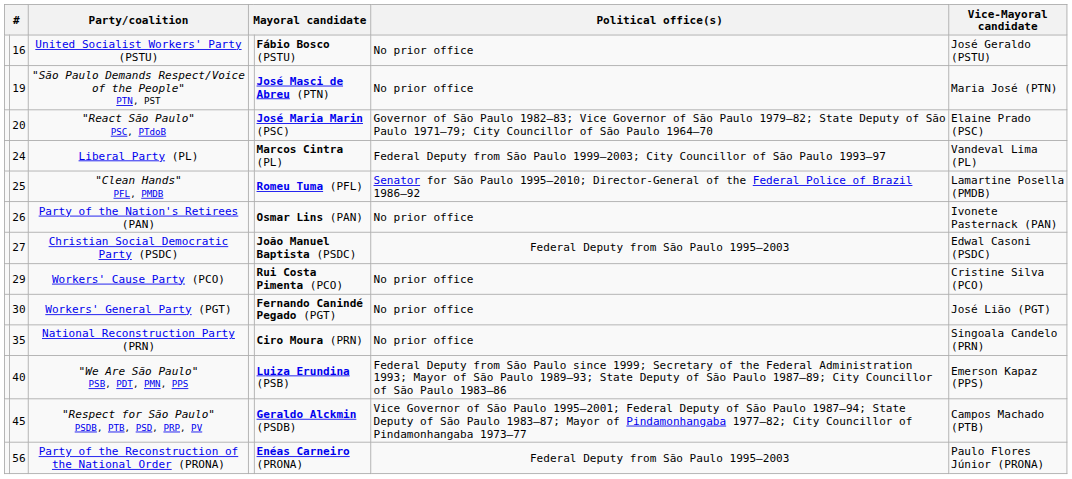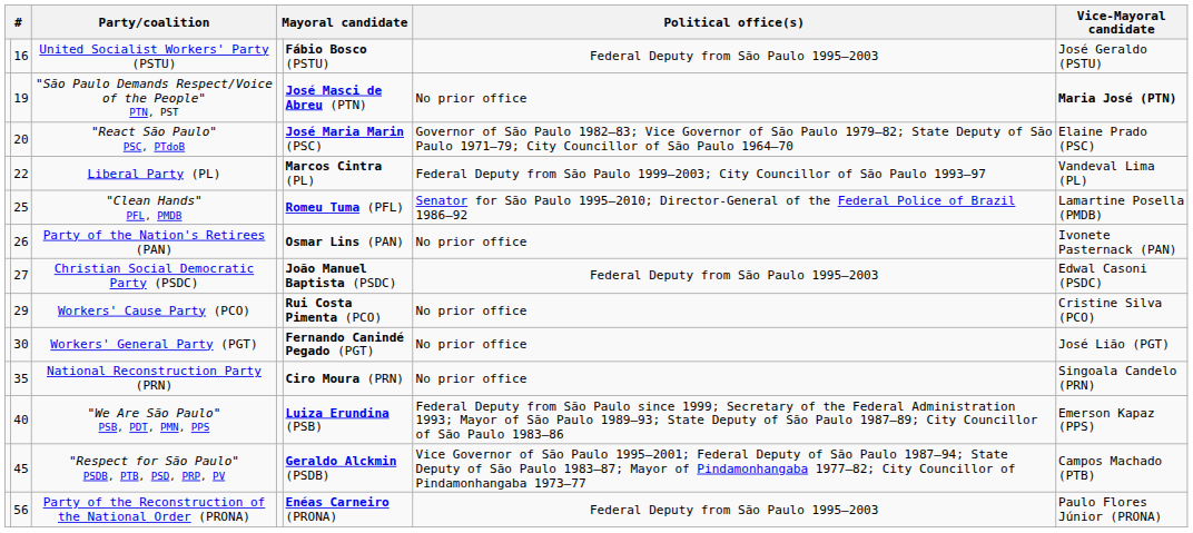 <table class="wikitable">
 <tr>
 <th colspan=2>#</th>
 <th>Party/coalition</th>
 <th colspan=2>Mayoral candidate</th>
 <th>Political office(s)</th>
 <th>Vice-Mayoral candidate</th>
 </tr>
 <tr>
 <td style="background:"></td>
 <td>16</td>
 <td style="text-align:center;"><a href='#'>United Socialist Workers' Party</a> (PSTU)</td>
 <td></td>
 <td><strong>Fábio Bosco</strong> (PSTU)</td>
-<td>No prior office</td>
+<td style="text-align:center;">Federal Deputy from São Paulo 1995–2003</td>
 <td>José Geraldo (PSTU)</td>
 </tr>
 <tr>
 <td style="background:"></td>
 <td>19</td>
 <td style="text-align:center;">"<em>São Paulo Demands Respect/Voice of the People</em>"<br><small><a href='#'>PTN</a>, PST</small></td>
 <td style="text-align:center;"></td>
 <td><strong><a href='#'>José Masci de Abreu</a></strong> (PTN)</td>
 <td>No prior office</td>
-<td>Maria José (PTN)</td>
+<td><strong>Maria José (PTN)</strong></td>
 </tr>
 <tr>
 <td style="background:"></td>
 <td>20</td>
 <td style="text-align:center;">"<em>React São Paulo</em>"<br><small><a href='#'>PSC</a>, <a href='#'>PTdoB</a></small></td>
 <td style="text-align:center;"></td>
 <td><strong><a href='#'>José Maria Marin</a></strong> (PSC)</td>
 <td>Governor of São Paulo 1982–83; Vice Governor of São Paulo 1979–82; State Deputy of São Paulo 1971–79; City Councillor of São Paulo 1964–70</td>
 <td>Elaine Prado (PSC)</td>
 </tr>
 <tr>
 <td style="background:"></td>
-<td>24</td>
+<td>22</td>
 <td style="text-align:center;"><a href='#'>Liberal Party</a> (PL)</td>
 <td style="text-align:center;"></td>
 <td><strong>Marcos Cintra</strong> (PL)</td>
 <td>Federal Deputy from São Paulo 1999–2003; City Councillor of São Paulo 1993–97</td>
 <td>Vandeval Lima (PL)</td>
 </tr>
 <tr>
 <td style="background:"></td>
 <td>25</td>
 <td style="text-align:center;">"<em>Clean Hands</em>"<br><small><a href='#'>PFL</a>, <a href='#'>PMDB</a></small></td>
 <td style="text-align:center;"></td>
 <td><strong><a href='#'>Romeu Tuma</a></strong> (PFL)</td>
 <td><a href='#'>Senator</a> for São Paulo 1995–2010; Director-General of the <a href='#'>Federal Police of Brazil</a> 1986–92</td>
 <td>Lamartine Posella (PMDB)</td>
 </tr>
 <tr>
 <td style="background:"></td>
 <td>26</td>
 <td style="text-align:center;"><a href='#'>Party of the Nation's Retirees</a> (PAN)</td>
 <td></td>
 <td><strong>Osmar Lins</strong> (PAN)</td>
 <td>No prior office</td>
 <td>Ivonete Pasternack (PAN)</td>
 </tr>
 <tr>
 <td style="background:"></td>
 <td>27</td>
 <td style="text-align:center;"><a href='#'>Christian Social Democratic Party</a> (PSDC)</td>
 <td></td>
 <td><strong>João Manuel Baptista</strong> (PSDC)</td>
 <td style="text-align:center;">Federal Deputy from São Paulo 1995–2003</td>
 <td>Edwal Casoni (PSDC)</td>
 </tr>
 <tr>
 <td style="background:"></td>
 <td>29</td>
 <td style="text-align:center;"><a href='#'>Workers' Cause Party</a> (PCO)</td>
 <td></td>
 <td><strong>Rui Costa Pimenta</strong> (PCO)</td>
 <td>No prior office</td>
 <td>Cristine Silva (PCO)</td>
 </tr>
 <tr>
 <td style="background:"></td>
 <td>30</td>
 <td style="text-align:center;"><a href='#'>Workers' General Party</a> (PGT)</td>
 <td></td>
 <td><strong>Fernando Canindé Pegado</strong> (PGT)</td>
 <td>No prior office</td>
 <td>José Lião (PGT)</td>
 </tr>
 <tr>
 <td style="background:"></td>
 <td>35</td>
 <td style="text-align:center;"><a href='#'>National Reconstruction Party</a> (PRN)</td>
 <td></td>
 <td><strong>Ciro Moura</strong> (PRN)</td>
 <td>No prior office</td>
 <td>Singoala Candelo (PRN)</td>
 </tr>
 <tr>
 <td style="background:"></td>
 <td>40</td>
 <td style="text-align:center;">"<em>We Are São Paulo</em>"<br><small><a href='#'>PSB</a>, <a href='#'>PDT</a>, <a href='#'>PMN</a>, <a href='#'>PPS</a></small></td>
 <td style="text-align:center;"></td>
 <td><strong><a href='#'>Luiza Erundina</a></strong> (PSB)</td>
 <td>Federal Deputy from São Paulo since 1999; Secretary of the Federal Administration 1993; Mayor of São Paulo 1989–93; State Deputy of São Paulo 1987–89; City Councillor of São Paulo 1983–86</td>
 <td>Emerson Kapaz (PPS)</td>
 </tr>
 <tr>
 <td style="background:"></td>
 <td>45</td>
 <td style="text-align:center;">"<em>Respect for São Paulo</em>"<br><small><a href='#'>PSDB</a>, <a href='#'>PTB</a>, <a href='#'>PSD</a>, <a href='#'>PRP</a>, <a href='#'>PV</a></small></td>
 <td style="text-align:center;"></td>
 <td><strong><a href='#'>Geraldo Alckmin</a></strong> (PSDB)</td>
 <td>Vice Governor of São Paulo 1995–2001; Federal Deputy of São Paulo 1987–94; State Deputy of São Paulo 1983–87; Mayor of <a href='#'>Pindamonhangaba</a> 1977–82; City Councillor of Pindamonhangaba 1973–77</td>
 <td>Campos Machado (PTB)</td>
 </tr>
 <tr>
 <td style="background:"></td>
 <td>56</td>
 <td style="text-align:center;"><a href='#'>Party of the Reconstruction of the National Order</a> (PRONA)</td>
 <td style="text-align:center;"></td>
 <td><strong><a href='#'>Enéas Carneiro</a></strong> (PRONA)</td>
 <td style="text-align:center;">Federal Deputy from São Paulo 1995–2003</td>
 <td>Paulo Flores Júnior (PRONA)</td>
 </tr>
 </table>
